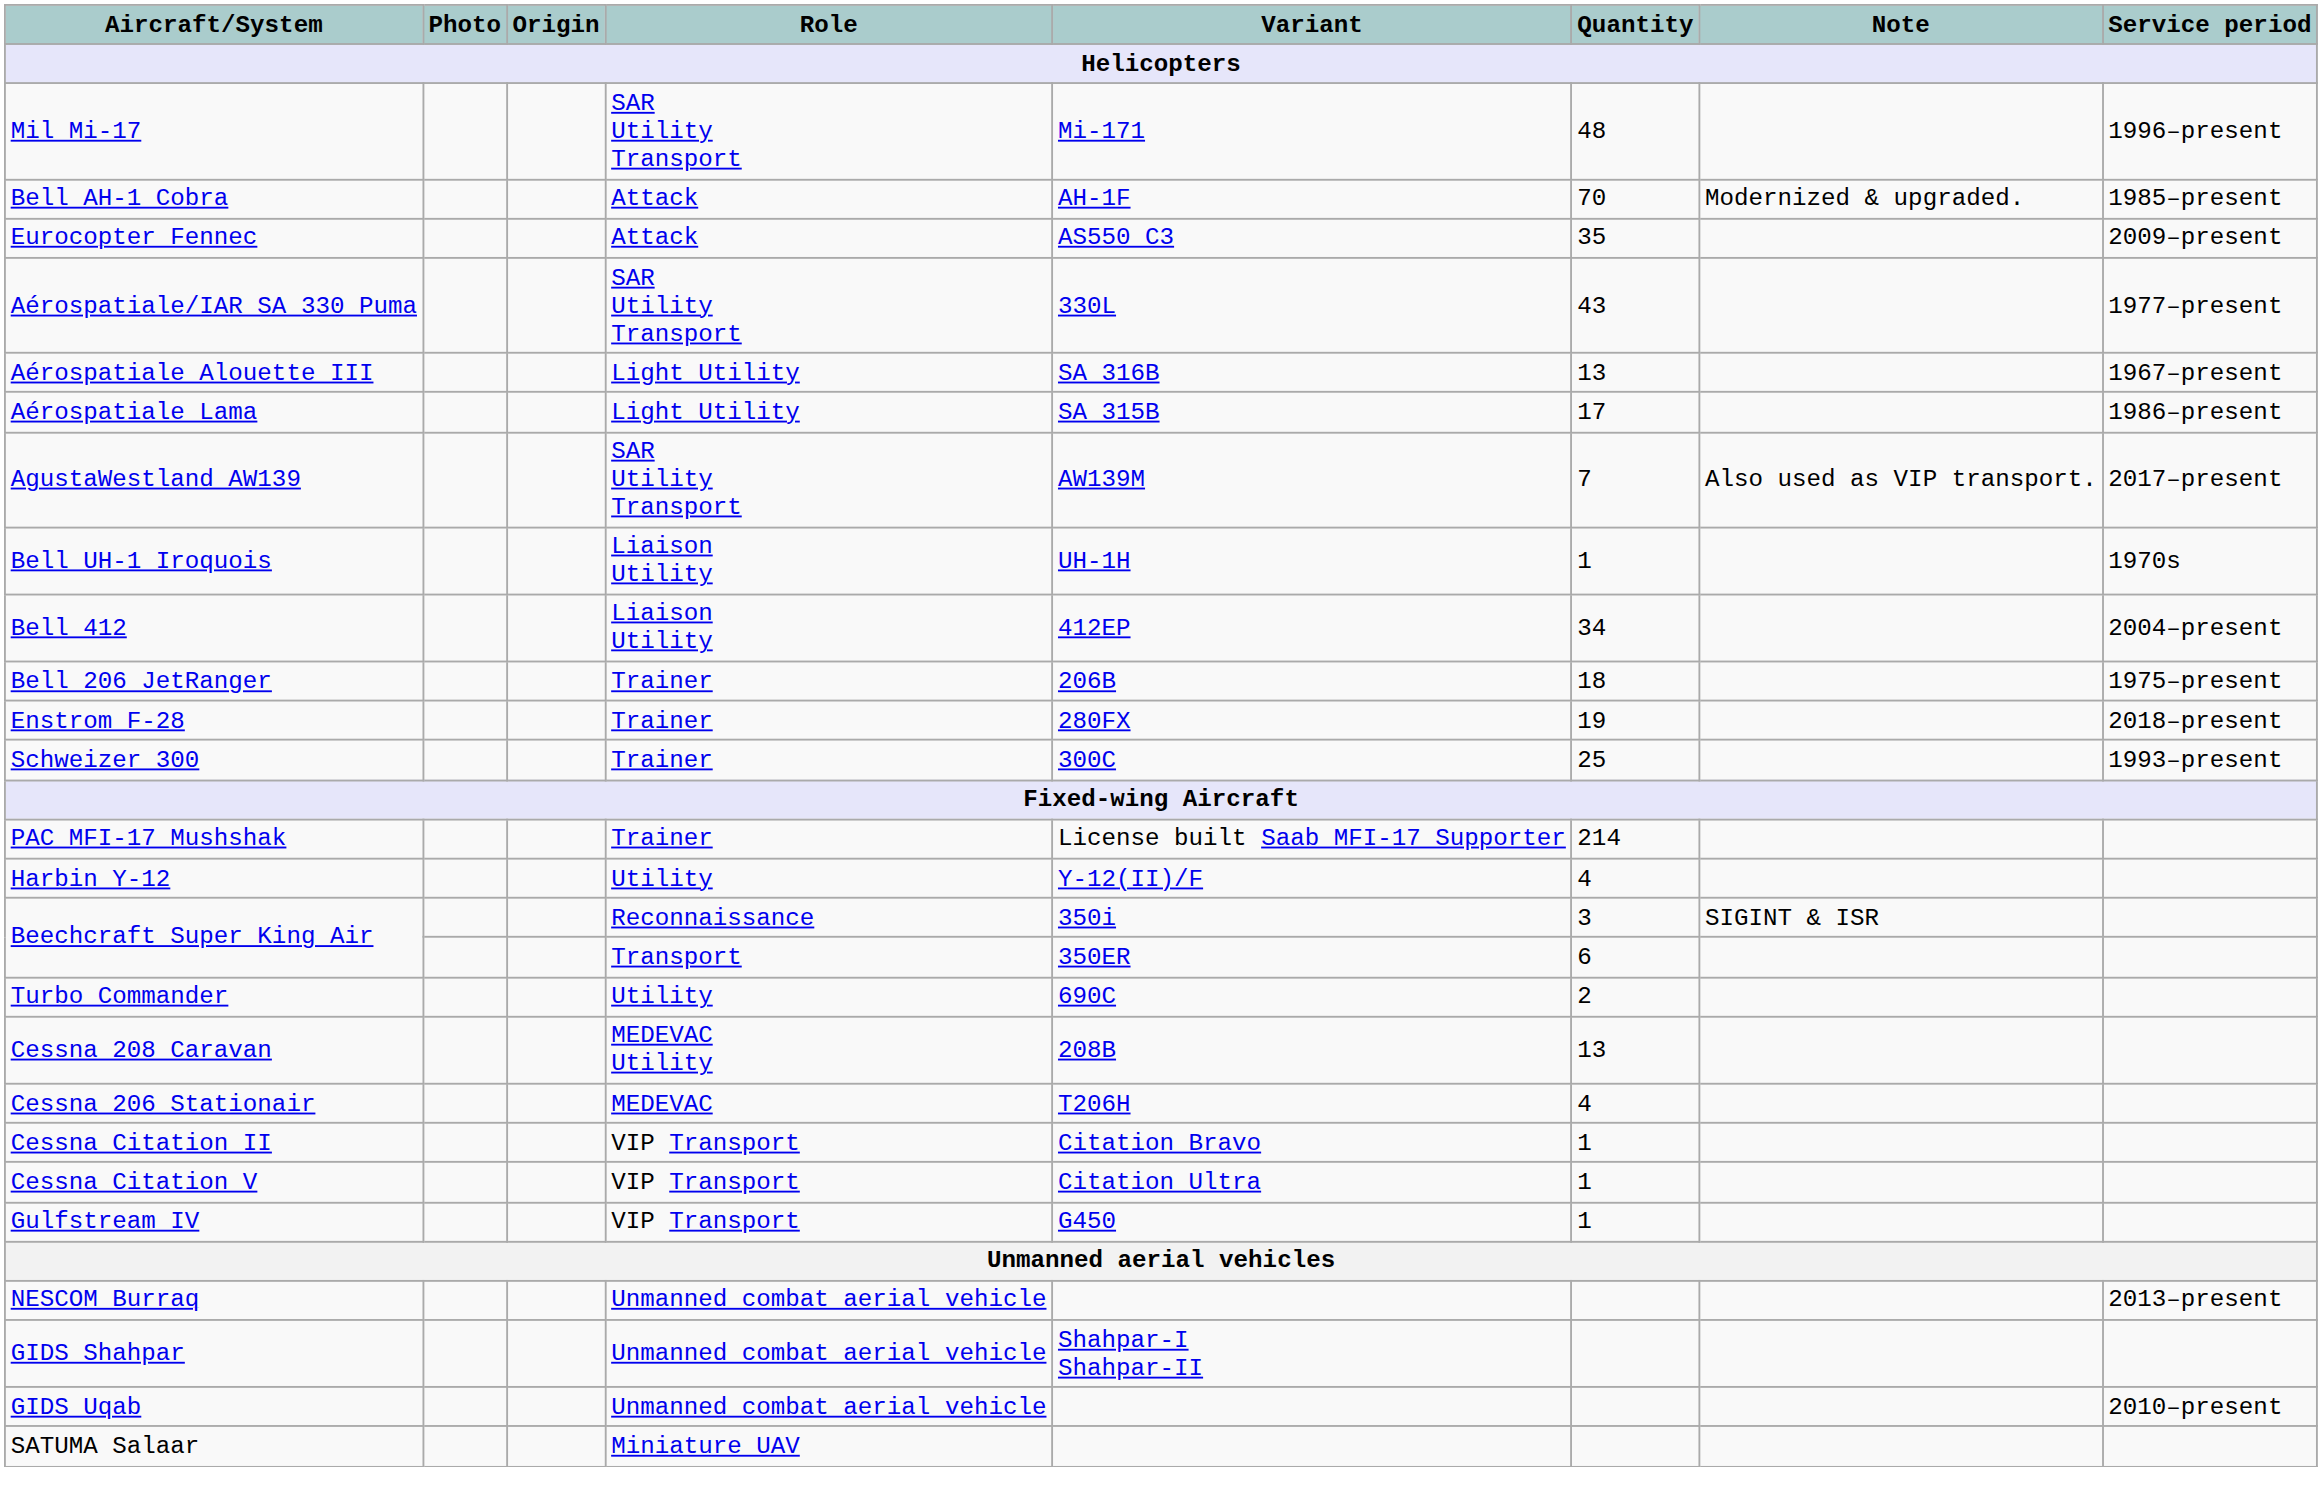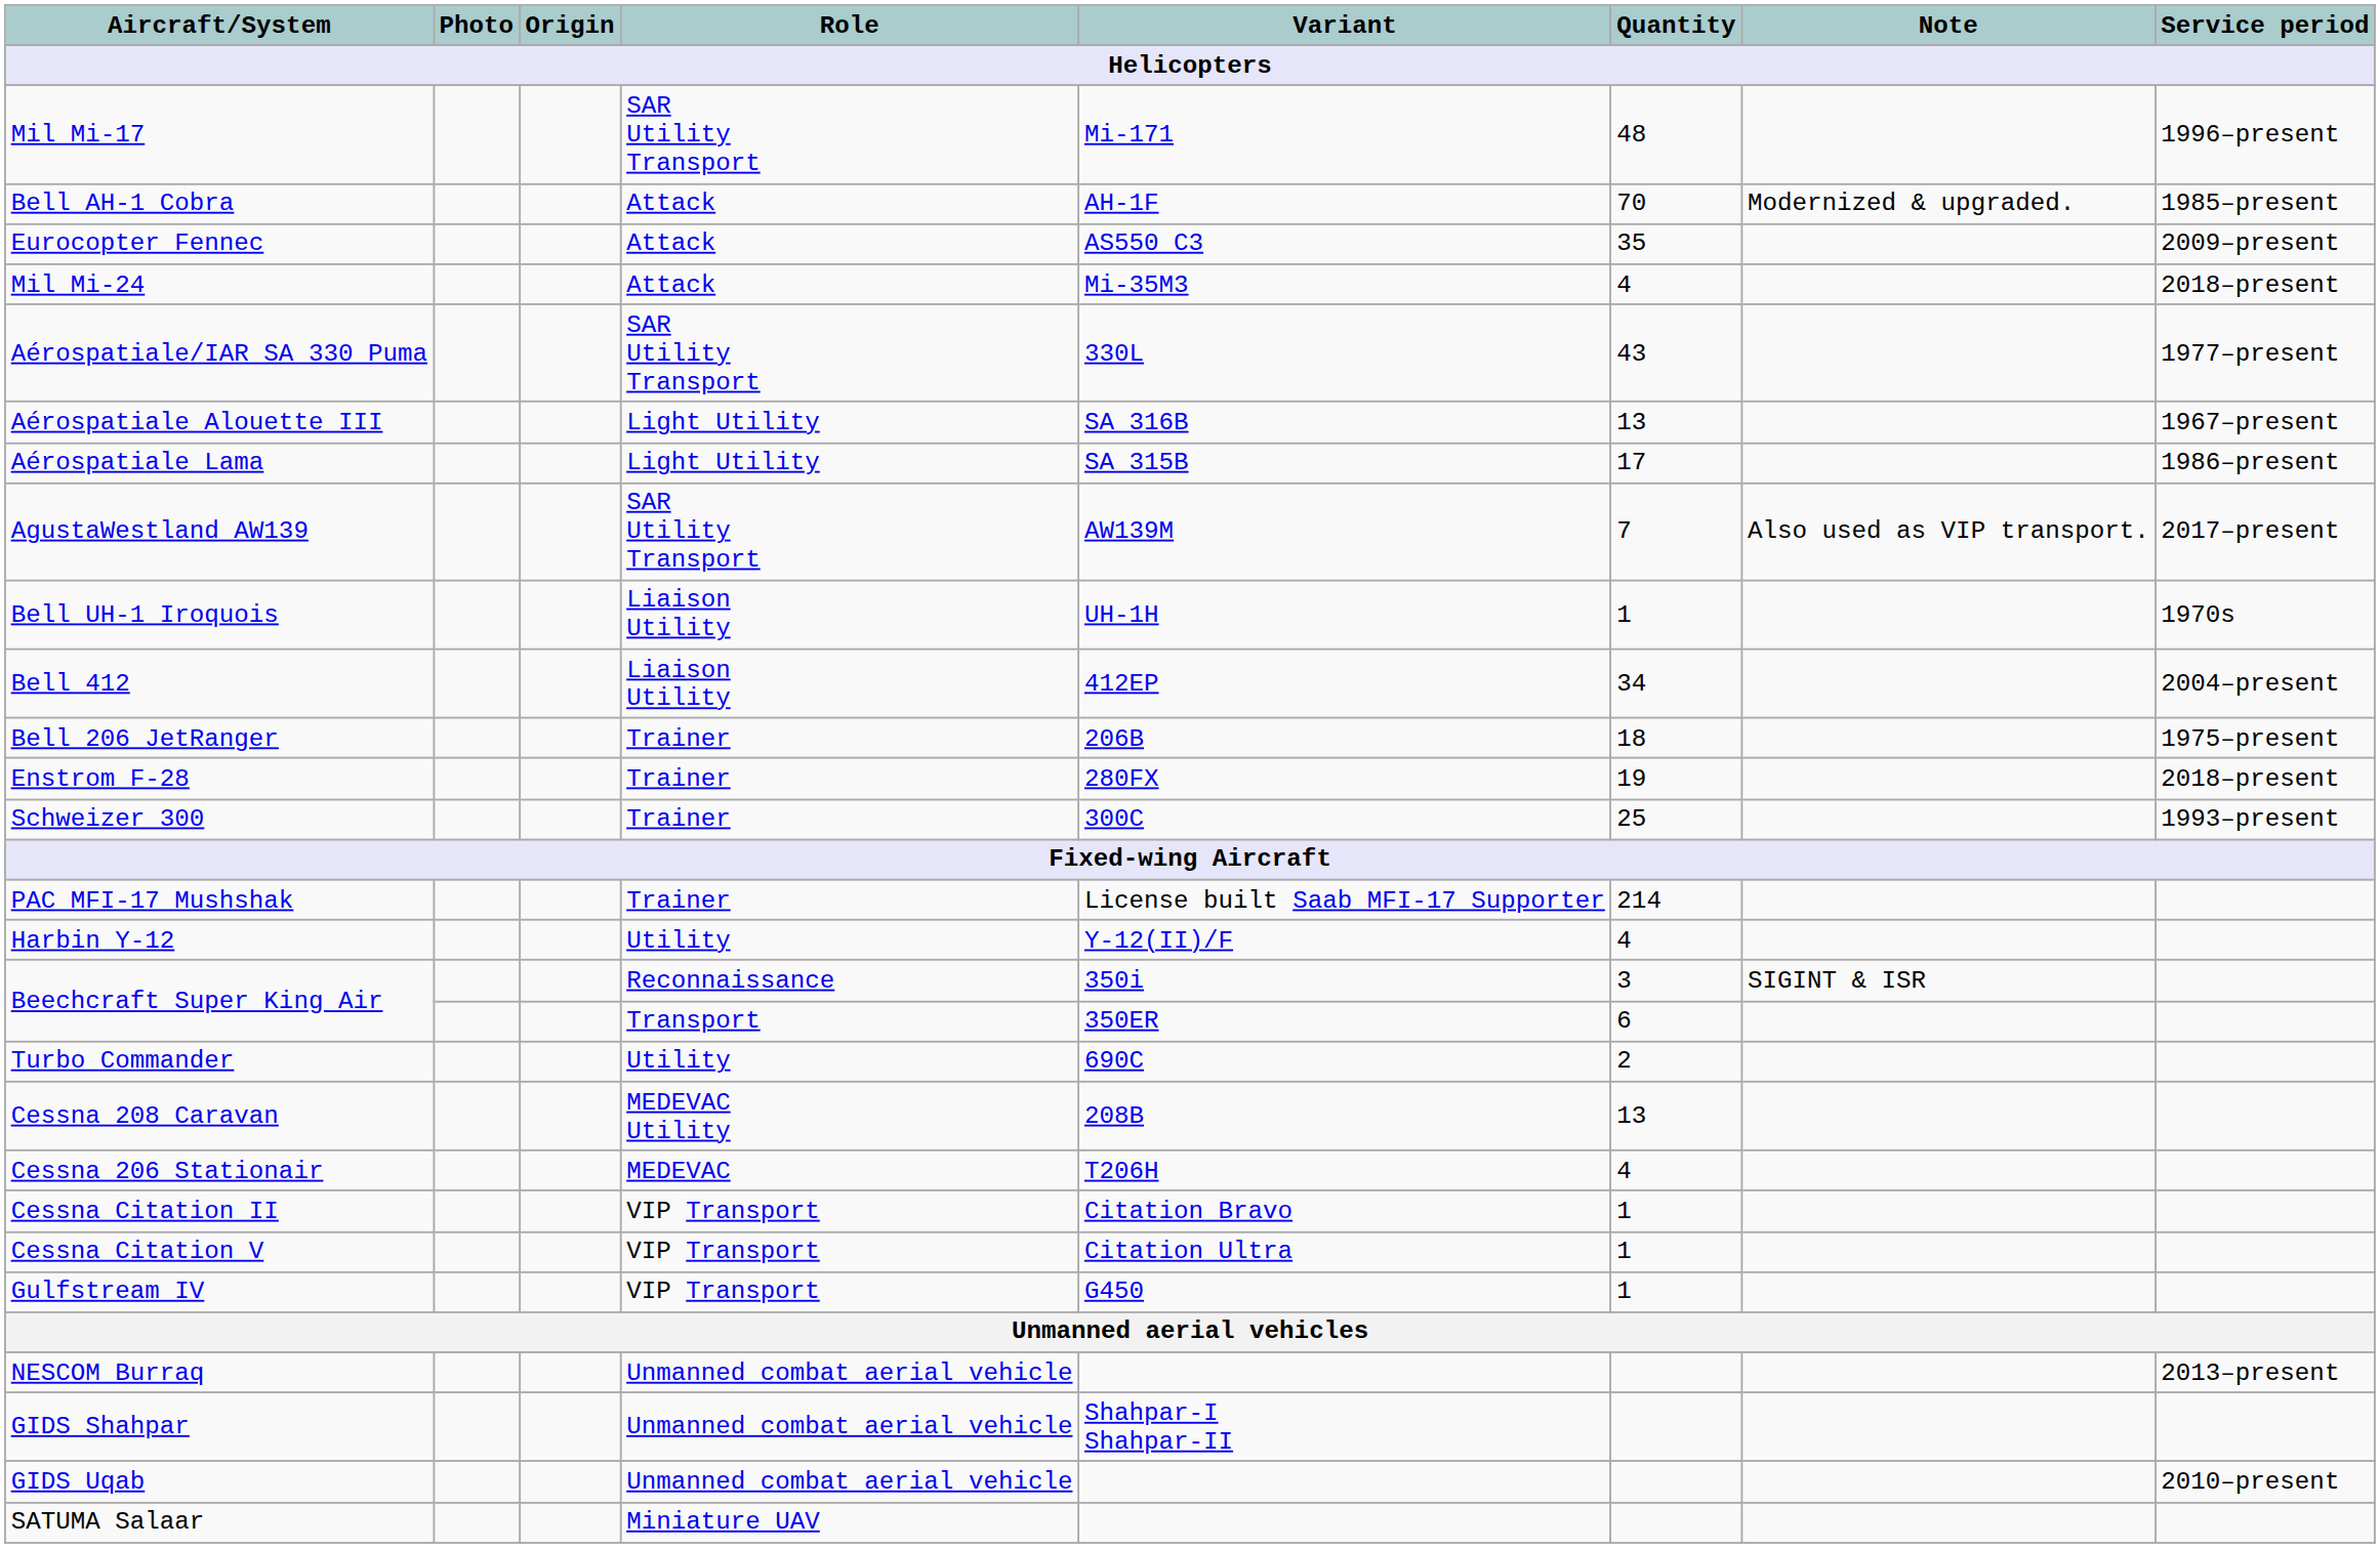 <table class="wikitable">
 <tr>
 <th style="color:black; background:#acc;">Aircraft/System</th>
 <th style="color:black; background:#acc;">Photo</th>
 <th style="color:black; background:#acc;">Origin</th>
 <th style="color:black; background:#acc;">Role</th>
 <th style="color:black; background:#acc;">Variant</th>
 <th style="color:black; background:#acc;">Quantity</th>
 <th style="color:black; background:#acc;">Note</th>
 <th style="color:black; background:#acc;">Service period</th>
 </tr>
 <tr>
 <th style="align: center; background: lavender;" colspan="8">Helicopters</th>
 </tr>
 <tr>
 <td><a href='#'>Mil Mi-17</a></td>
 <td></td>
 <td></td>
 <td><a href='#'>SAR</a><br><a href='#'>Utility</a><br><a href='#'>Transport</a></td>
 <td><a href='#'>Mi-171</a></td>
 <td>48</td>
 <td></td>
 <td>1996–present</td>
 </tr>
 <tr>
 <td><a href='#'>Bell AH-1 Cobra</a></td>
 <td><br></td>
 <td></td>
 <td><a href='#'>Attack</a></td>
 <td><a href='#'>AH-1F</a></td>
 <td>70</td>
 <td>Modernized & upgraded.</td>
 <td>1985–present</td>
 </tr>
 <tr>
 <td><a href='#'>Eurocopter Fennec</a></td>
 <td></td>
 <td></td>
 <td><a href='#'>Attack</a></td>
 <td><a href='#'>AS550 C3</a></td>
 <td>35</td>
 <td></td>
 <td>2009–present</td>
+</tr>
+<tr>
+<td><a href='#'>Mil Mi-24</a></td>
+<td></td>
+<td></td>
+<td><a href='#'>Attack</a></td>
+<td><a href='#'>Mi-35M3</a></td>
+<td>4</td>
+<td></td>
+<td>2018–present</td>
 </tr>
 <tr>
 <td><a href='#'>Aérospatiale/IAR SA 330 Puma</a></td>
 <td></td>
 <td></td>
 <td><a href='#'>SAR</a><br><a href='#'>Utility</a><br><a href='#'>Transport</a></td>
 <td><a href='#'>330L</a></td>
 <td>43</td>
 <td></td>
 <td>1977–present</td>
 </tr>
 <tr>
 <td><a href='#'>Aérospatiale Alouette III</a></td>
 <td></td>
 <td></td>
 <td><a href='#'>Light Utility</a></td>
 <td><a href='#'>SA 316B</a></td>
 <td>13</td>
 <td></td>
 <td>1967–present</td>
 </tr>
 <tr>
 <td><a href='#'>Aérospatiale Lama</a></td>
 <td></td>
 <td></td>
 <td><a href='#'>Light Utility</a></td>
 <td><a href='#'>SA 315B</a></td>
 <td>17</td>
 <td></td>
 <td>1986–present</td>
 </tr>
 <tr>
 <td><a href='#'>AgustaWestland AW139</a></td>
 <td></td>
 <td></td>
 <td><a href='#'>SAR</a><br><a href='#'>Utility</a><br><a href='#'>Transport</a></td>
 <td><a href='#'>AW139M</a></td>
 <td>7</td>
 <td>Also used as VIP transport.</td>
 <td>2017–present</td>
 </tr>
 <tr>
 <td><a href='#'>Bell UH-1 Iroquois</a></td>
 <td></td>
 <td></td>
 <td><a href='#'>Liaison</a><br><a href='#'>Utility</a></td>
 <td><a href='#'>UH-1H</a></td>
 <td>1</td>
 <td></td>
 <td>1970s</td>
 </tr>
 <tr>
 <td><a href='#'>Bell 412</a></td>
 <td></td>
 <td></td>
 <td><a href='#'>Liaison</a><br><a href='#'>Utility</a></td>
 <td><a href='#'>412EP</a></td>
 <td>34</td>
 <td></td>
 <td>2004–present</td>
 </tr>
 <tr>
 <td><a href='#'>Bell 206 JetRanger</a></td>
 <td></td>
 <td></td>
 <td><a href='#'>Trainer</a></td>
 <td><a href='#'>206B</a></td>
 <td>18</td>
 <td></td>
 <td>1975–present</td>
 </tr>
 <tr>
 <td><a href='#'>Enstrom F-28</a></td>
 <td></td>
 <td></td>
 <td><a href='#'>Trainer</a></td>
 <td><a href='#'>280FX</a></td>
 <td>19</td>
 <td></td>
 <td>2018–present</td>
 </tr>
 <tr>
 <td><a href='#'>Schweizer 300</a></td>
 <td></td>
 <td></td>
 <td><a href='#'>Trainer</a></td>
 <td><a href='#'>300C</a></td>
 <td>25</td>
 <td></td>
 <td>1993–present</td>
 </tr>
 <tr>
 <th colspan="8" style="align: center; background: lavender;">Fixed-wing Aircraft</th>
 </tr>
 <tr>
 <td><a href='#'>PAC MFI-17 Mushshak</a></td>
 <td></td>
 <td> <br></td>
 <td><a href='#'>Trainer</a></td>
 <td>License built <a href='#'>Saab MFI-17 Supporter</a></td>
 <td>214</td>
 <td></td>
 <td></td>
 </tr>
 <tr>
 <td><a href='#'>Harbin Y-12</a></td>
 <td></td>
 <td></td>
 <td><a href='#'>Utility</a></td>
 <td><a href='#'>Y-12(II)/F</a></td>
 <td>4</td>
 <td></td>
 <td></td>
 </tr>
 <tr>
 <td rowspan="2"><a href='#'>Beechcraft Super King Air</a></td>
 <td></td>
 <td></td>
 <td><a href='#'>Reconnaissance</a></td>
 <td><a href='#'>350i</a></td>
 <td>3</td>
 <td>SIGINT & ISR</td>
 <td></td>
 </tr>
 <tr>
 <td></td>
 <td></td>
 <td><a href='#'>Transport</a></td>
 <td><a href='#'>350ER</a></td>
 <td>6</td>
 <td></td>
 <td></td>
 </tr>
 <tr>
 <td><a href='#'>Turbo Commander</a></td>
 <td></td>
 <td></td>
 <td><a href='#'>Utility</a></td>
 <td><a href='#'>690C</a></td>
 <td>2</td>
 <td></td>
 <td></td>
 </tr>
 <tr>
 <td><a href='#'>Cessna 208 Caravan</a></td>
 <td></td>
 <td></td>
 <td><a href='#'>MEDEVAC</a><br><a href='#'>Utility</a></td>
 <td><a href='#'>208B</a></td>
 <td>13</td>
 <td></td>
 <td></td>
 </tr>
 <tr>
 <td><a href='#'>Cessna 206 Stationair</a></td>
 <td></td>
 <td></td>
 <td><a href='#'>MEDEVAC</a></td>
 <td><a href='#'>T206H</a></td>
 <td>4</td>
 <td></td>
 <td></td>
 </tr>
 <tr>
 <td><a href='#'>Cessna Citation II</a></td>
 <td></td>
 <td></td>
 <td>VIP <a href='#'>Transport</a></td>
 <td><a href='#'>Citation Bravo</a></td>
 <td>1</td>
 <td></td>
 <td></td>
 </tr>
 <tr>
 <td><a href='#'>Cessna Citation V</a></td>
 <td></td>
 <td></td>
 <td>VIP <a href='#'>Transport</a></td>
 <td><a href='#'>Citation Ultra</a></td>
 <td>1</td>
 <td></td>
 <td></td>
 </tr>
 <tr>
 <td><a href='#'>Gulfstream IV</a></td>
 <td></td>
 <td></td>
 <td>VIP <a href='#'>Transport</a></td>
 <td><a href='#'>G450</a></td>
 <td>1</td>
 <td></td>
 <td></td>
 </tr>
 <tr>
 <th colspan="8">Unmanned aerial vehicles</th>
 </tr>
 <tr>
 <td><a href='#'>NESCOM Burraq</a></td>
 <td></td>
 <td></td>
 <td><a href='#'>Unmanned combat aerial vehicle</a></td>
 <td></td>
 <td></td>
 <td></td>
 <td>2013–present</td>
 </tr>
 <tr>
 <td><a href='#'>GIDS Shahpar</a></td>
 <td></td>
 <td></td>
 <td><a href='#'>Unmanned combat aerial vehicle</a></td>
 <td><a href='#'>Shahpar-I</a><br><a href='#'>Shahpar-II</a></td>
 <td></td>
 <td></td>
 <td></td>
 </tr>
 <tr>
 <td><a href='#'>GIDS Uqab</a></td>
 <td></td>
 <td></td>
 <td><a href='#'>Unmanned combat aerial vehicle</a></td>
 <td></td>
 <td></td>
 <td></td>
 <td>2010–present</td>
 </tr>
 <tr>
 <td>SATUMA Salaar</td>
 <td></td>
 <td></td>
 <td><a href='#'>Miniature UAV</a></td>
 <td></td>
 <td></td>
 <td></td>
 <td></td>
 </tr>
 </table>
